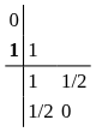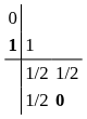 <table cellspacing="0" cellpadding="3">
 <tr>
 <td width="20"></td>
 <td style="border-right:1px solid;">0</td>
 </tr>
 <tr>
 <td></td>
 <td style="border-right:1px solid; border-bottom:1px solid;"><strong>1</strong></td>
 <td style="border-bottom:1px solid;">1</td>
 <td style="border-bottom:1px solid;"></td>
 </tr>
 <tr>
 <td></td>
 <td style="border-right:1px solid;"></td>
-<td>1</td>
+<td>1/2</td>
 <td>1/2</td>
 </tr>
 <tr>
 <td></td>
 <td style="border-right:1px solid;"></td>
 <td>1/2</td>
-<td>0</td>
+<td><strong>0</strong></td>
 </tr>
 </table>
